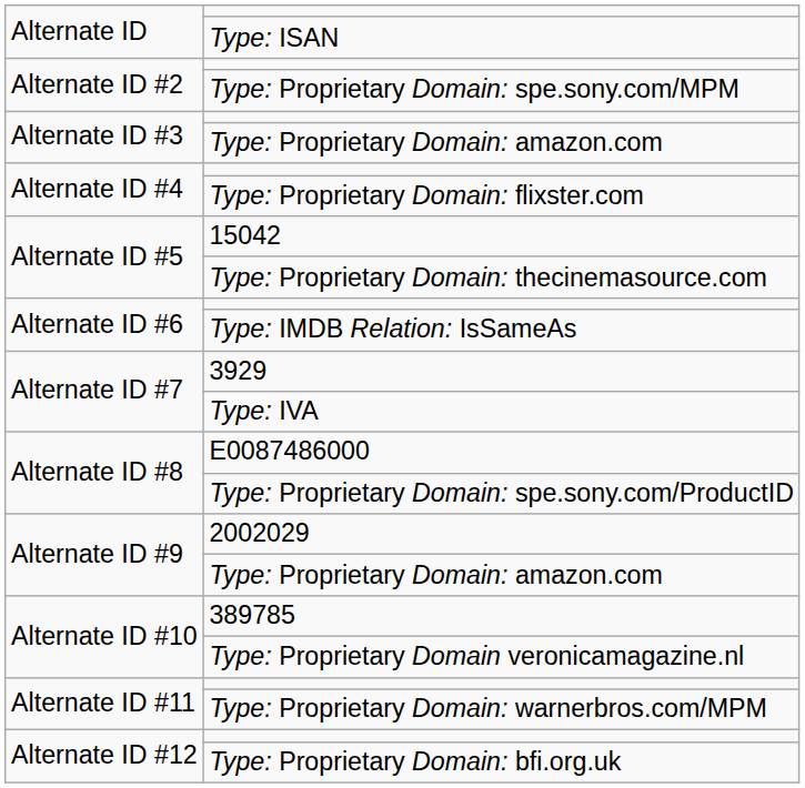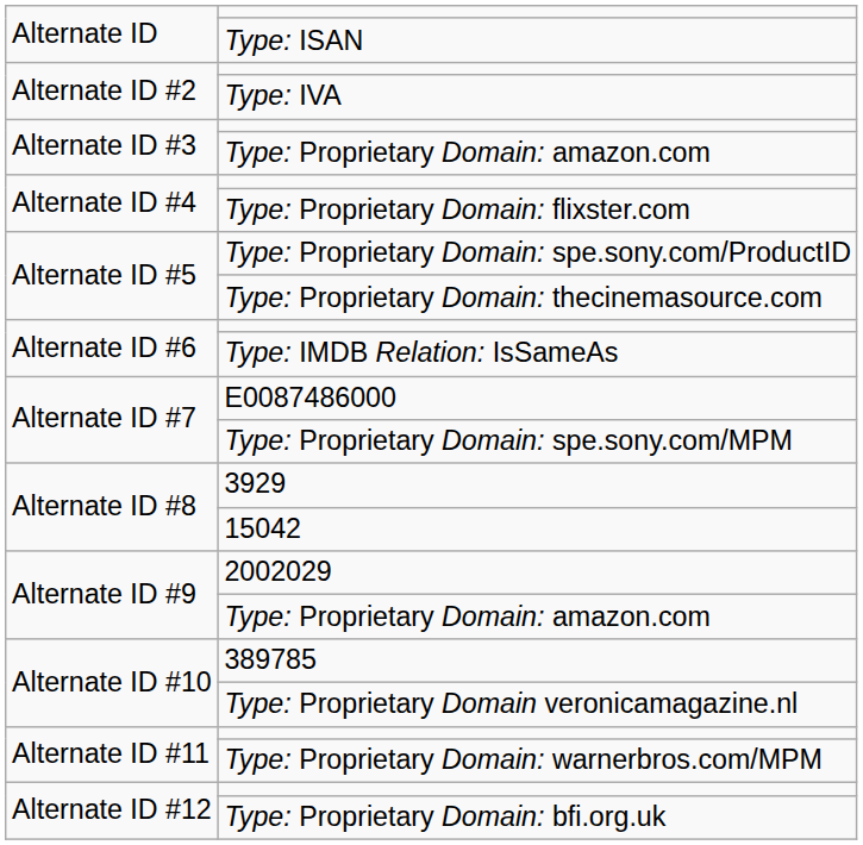 <table class="wikitable">
 <tr>
 <td rowspan="2">Alternate ID</td>
 <td></td>
 </tr>
 <tr>
 <td><em>Type:</em> ISAN</td>
 </tr>
 <tr>
 <td rowspan="2">Alternate ID #2</td>
 <td></td>
 </tr>
 <tr>
-<td><em>Type:</em> Proprietary <em>Domain:</em> spe.sony.com/MPM</td>
+<td><em>Type:</em> IVA</td>
 </tr>
 <tr>
 <td rowspan="2">Alternate ID #3</td>
 <td></td>
 </tr>
 <tr>
 <td><em>Type:</em> Proprietary <em>Domain:</em> amazon.com</td>
 </tr>
 <tr>
 <td rowspan="2">Alternate ID #4</td>
 <td></td>
 </tr>
 <tr>
 <td><em>Type:</em> Proprietary <em>Domain:</em> flixster.com</td>
 </tr>
 <tr>
 <td rowspan="2">Alternate ID #5</td>
-<td>15042</td>
+<td><em>Type:</em> Proprietary <em>Domain:</em> spe.sony.com/ProductID</td>
 </tr>
 <tr>
 <td><em>Type:</em> Proprietary <em>Domain:</em> thecinemasource.com</td>
 </tr>
 <tr>
 <td rowspan="2">Alternate ID #6</td>
 <td></td>
 </tr>
 <tr>
 <td><em>Type:</em> IMDB <em>Relation:</em> IsSameAs</td>
 </tr>
 <tr>
 <td rowspan="2">Alternate ID #7</td>
+<td>E0087486000</td>
+</tr>
+<tr>
+<td><em>Type:</em> Proprietary <em>Domain:</em> spe.sony.com/MPM</td>
+</tr>
+<tr>
+<td rowspan="2">Alternate ID #8</td>
 <td>3929</td>
 </tr>
 <tr>
-<td><em>Type:</em> IVA</td>
-</tr>
-<tr>
-<td rowspan="2">Alternate ID #8</td>
-<td>E0087486000</td>
-</tr>
-<tr>
-<td><em>Type:</em> Proprietary <em>Domain:</em> spe.sony.com/ProductID</td>
+<td>15042</td>
 </tr>
 <tr>
 <td rowspan="2">Alternate ID #9</td>
 <td>2002029</td>
 </tr>
 <tr>
 <td><em>Type:</em> Proprietary <em>Domain:</em> amazon.com</td>
 </tr>
 <tr>
 <td rowspan="2">Alternate ID #10</td>
 <td>389785</td>
 </tr>
 <tr>
 <td><em>Type:</em> Proprietary <em>Domain</em> veronicamagazine.nl</td>
 </tr>
 <tr>
 <td rowspan="2">Alternate ID #11</td>
 <td></td>
 </tr>
 <tr>
 <td><em>Type:</em> Proprietary <em>Domain:</em> warnerbros.com/MPM</td>
 </tr>
 <tr>
 <td rowspan="2">Alternate ID #12</td>
 <td></td>
 </tr>
 <tr>
 <td><em>Type:</em> Proprietary <em>Domain:</em> bfi.org.uk</td>
 </tr>
 </table>
